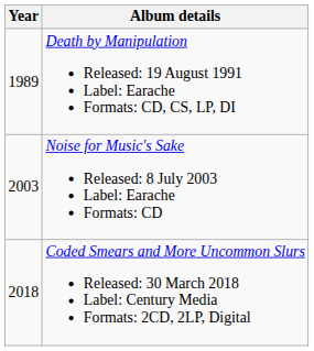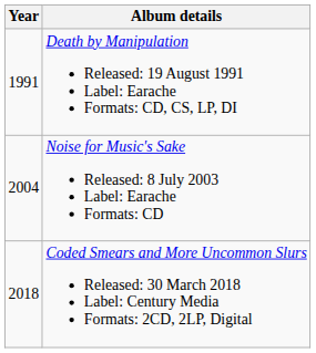 <table class="wikitable">
 <tr>
 <th>Year</th>
 <th>Album details</th>
 </tr>
 <tr>
-<td align="center">1989</td>
+<td align="center">1991</td>
 <td style="text-align:left;"><em><a href='#'>Death by Manipulation</a></em><br><ul><li>Released: 19 August 1991</li><li>Label: Earache</li><li>Formats: CD, CS, LP, DI</li></ul></td>
 </tr>
 <tr>
-<td align="center">2003</td>
+<td align="center">2004</td>
 <td style="text-align:left;"><em><a href='#'>Noise for Music's Sake</a></em><br><ul><li>Released: 8 July 2003</li><li>Label: Earache</li><li>Formats: CD</li></ul></td>
 </tr>
 <tr>
 <td align="center">2018</td>
 <td style="text-align:left;"><em><a href='#'>Coded Smears and More Uncommon Slurs</a></em><br><ul><li>Released: 30 March 2018</li><li>Label: Century Media</li><li>Formats: 2CD, 2LP, Digital</li></ul></td>
 </tr>
 </table>
